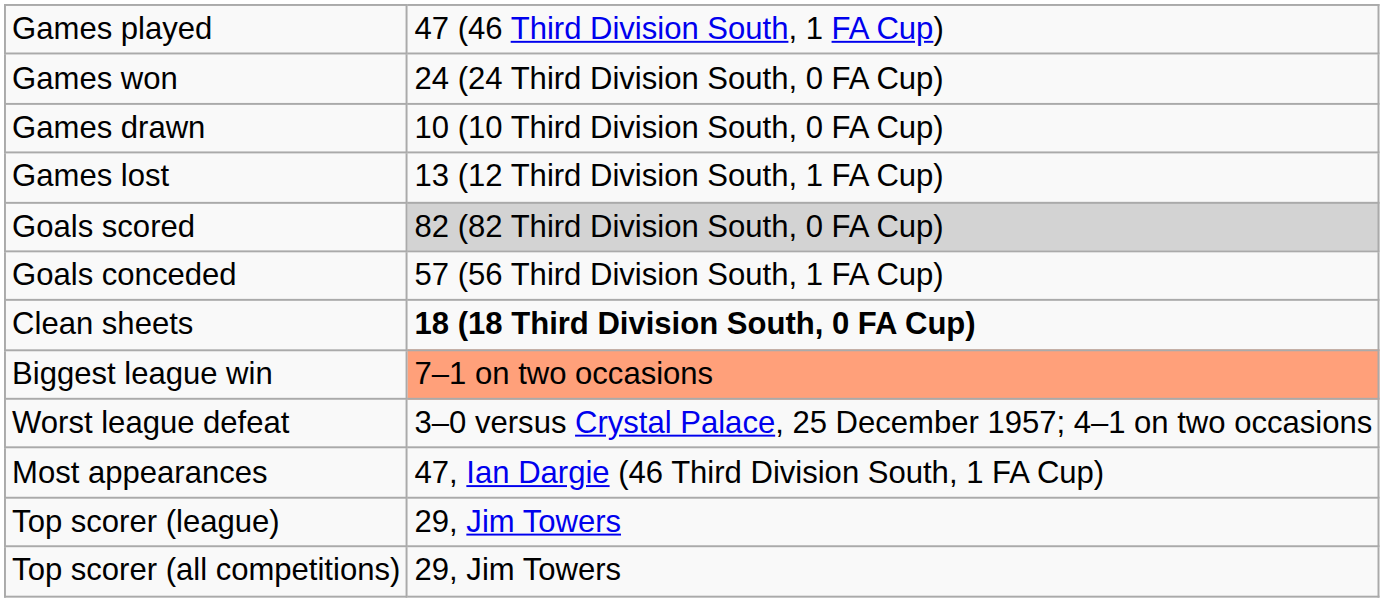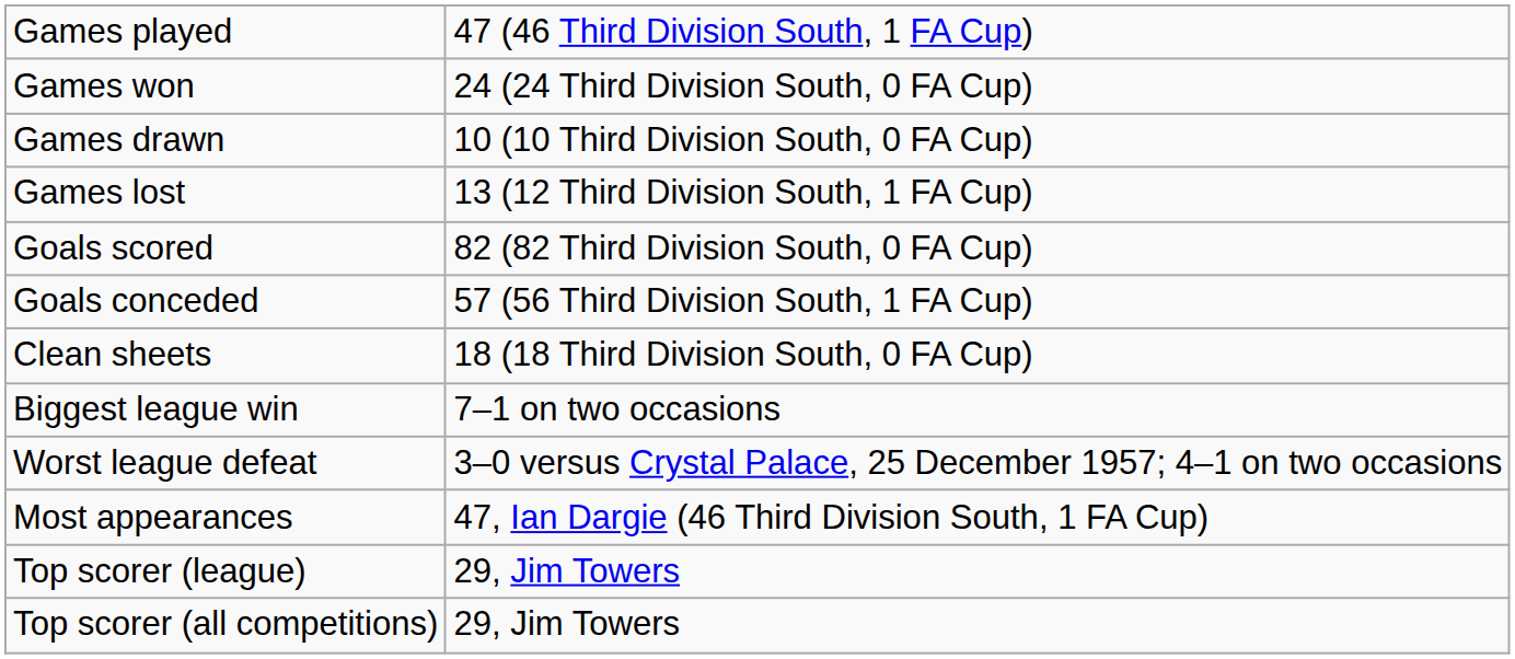 <table class="wikitable">
 <tr>
 <td>Games played</td>
 <td>47 (46 <a href='#'>Third Division South</a>, 1 <a href='#'>FA Cup</a>)</td>
 </tr>
 <tr>
 <td>Games won</td>
 <td>24 (24 Third Division South, 0 FA Cup)</td>
 </tr>
 <tr>
 <td>Games drawn</td>
 <td>10 (10 Third Division South, 0 FA Cup)</td>
 </tr>
 <tr>
 <td>Games lost</td>
 <td>13 (12 Third Division South, 1 FA Cup)</td>
 </tr>
 <tr>
 <td>Goals scored</td>
-<td style="background: lightgrey;">82 (82 Third Division South, 0 FA Cup)</td>
+<td>82 (82 Third Division South, 0 FA Cup)</td>
 </tr>
 <tr>
 <td>Goals conceded</td>
 <td>57 (56 Third Division South, 1 FA Cup)</td>
 </tr>
 <tr>
 <td>Clean sheets</td>
-<td><strong>18 (18 Third Division South, 0 FA Cup)</strong></td>
+<td>18 (18 Third Division South, 0 FA Cup)</td>
 </tr>
 <tr>
 <td>Biggest league win</td>
-<td style="background: lightsalmon;">7–1 on two occasions</td>
+<td>7–1 on two occasions</td>
 </tr>
 <tr>
 <td>Worst league defeat</td>
 <td>3–0 versus <a href='#'>Crystal Palace</a>, 25 December 1957; 4–1 on two occasions</td>
 </tr>
 <tr>
 <td>Most appearances</td>
 <td>47, <a href='#'>Ian Dargie</a> (46 Third Division South, 1 FA Cup)</td>
 </tr>
 <tr>
 <td>Top scorer (league)</td>
 <td>29, <a href='#'>Jim Towers</a></td>
 </tr>
 <tr>
 <td>Top scorer (all competitions)</td>
 <td>29, Jim Towers</td>
 </tr>
 </table>
